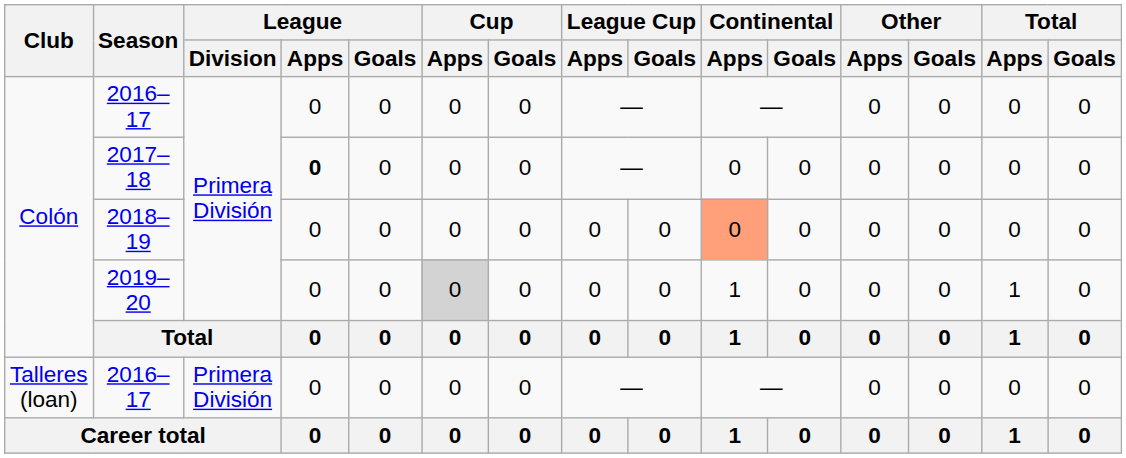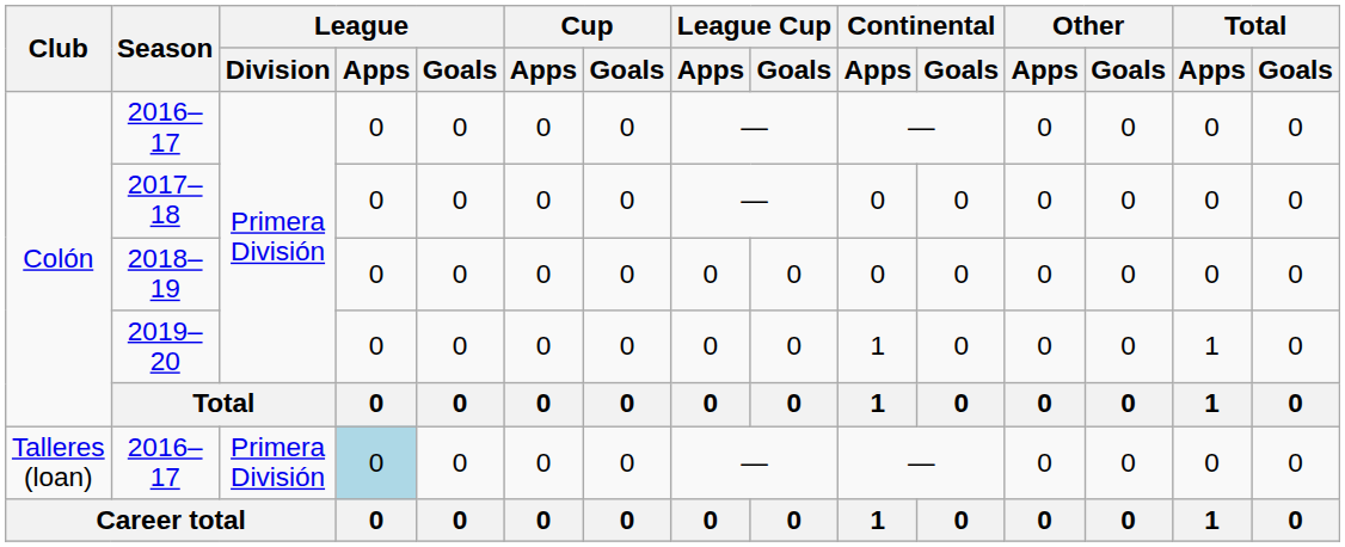 <table class="wikitable" style="text-align:center">
 <tr>
 <th rowspan="2">Club</th>
 <th rowspan="2">Season</th>
 <th colspan="3">League</th>
 <th colspan="2">Cup</th>
 <th colspan="2">League Cup</th>
 <th colspan="2">Continental</th>
 <th colspan="2">Other</th>
 <th colspan="2">Total</th>
 </tr>
 <tr>
 <th>Division</th>
 <th>Apps</th>
 <th>Goals</th>
 <th>Apps</th>
 <th>Goals</th>
 <th>Apps</th>
 <th>Goals</th>
 <th>Apps</th>
 <th>Goals</th>
 <th>Apps</th>
 <th>Goals</th>
 <th>Apps</th>
 <th>Goals</th>
 </tr>
 <tr>
 <td rowspan="5"><a href='#'>Colón</a></td>
 <td><a href='#'>2016–17</a></td>
 <td rowspan="4"><a href='#'>Primera División</a></td>
 <td>0</td>
 <td>0</td>
 <td>0</td>
 <td>0</td>
 <td colspan="2">—</td>
 <td colspan="2">—</td>
 <td>0</td>
 <td>0</td>
 <td>0</td>
 <td>0</td>
 </tr>
 <tr>
 <td><a href='#'>2017–18</a></td>
-<td><strong>0</strong></td>
+<td>0</td>
 <td>0</td>
 <td>0</td>
 <td>0</td>
 <td colspan="2">—</td>
 <td>0</td>
 <td>0</td>
 <td>0</td>
 <td>0</td>
 <td>0</td>
 <td>0</td>
 </tr>
 <tr>
 <td><a href='#'>2018–19</a></td>
 <td>0</td>
 <td>0</td>
 <td>0</td>
 <td>0</td>
 <td>0</td>
 <td>0</td>
-<td style="background: lightsalmon;">0</td>
+<td>0</td>
 <td>0</td>
 <td>0</td>
 <td>0</td>
 <td>0</td>
 <td>0</td>
 </tr>
 <tr>
 <td><a href='#'>2019–20</a></td>
 <td>0</td>
 <td>0</td>
-<td style="background: lightgrey;">0</td>
+<td>0</td>
 <td>0</td>
 <td>0</td>
 <td>0</td>
 <td>1</td>
 <td>0</td>
 <td>0</td>
 <td>0</td>
 <td>1</td>
 <td>0</td>
 </tr>
 <tr>
 <th colspan="2">Total</th>
 <th>0</th>
 <th>0</th>
 <th>0</th>
 <th>0</th>
 <th>0</th>
 <th>0</th>
 <th>1</th>
 <th>0</th>
 <th>0</th>
 <th>0</th>
 <th>1</th>
 <th>0</th>
 </tr>
 <tr>
 <td rowspan="1"><a href='#'>Talleres</a> (loan)</td>
 <td><a href='#'>2016–17</a></td>
 <td rowspan="1"><a href='#'>Primera División</a></td>
-<td>0</td>
+<td style="background: lightblue;">0</td>
 <td>0</td>
 <td>0</td>
 <td>0</td>
 <td colspan="2">—</td>
 <td colspan="2">—</td>
 <td>0</td>
 <td>0</td>
 <td>0</td>
 <td>0</td>
 </tr>
 <tr>
 <th colspan="3">Career total</th>
 <th>0</th>
 <th>0</th>
 <th>0</th>
 <th>0</th>
 <th>0</th>
 <th>0</th>
 <th>1</th>
 <th>0</th>
 <th>0</th>
 <th>0</th>
 <th>1</th>
 <th>0</th>
 </tr>
 </table>
